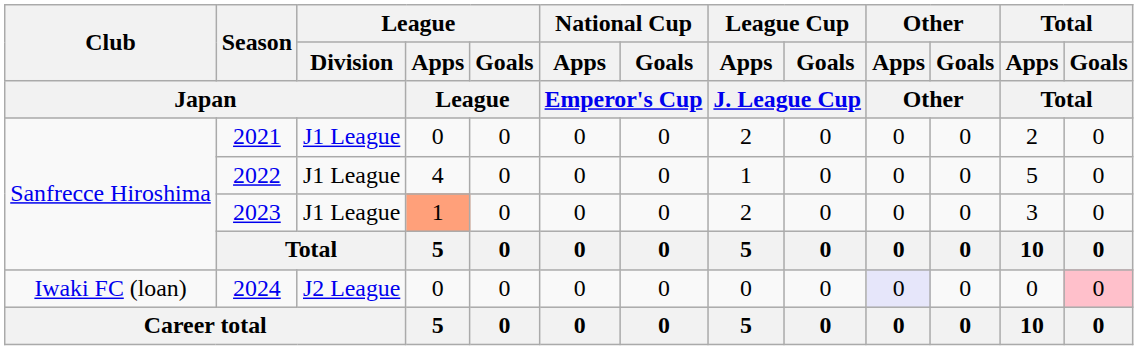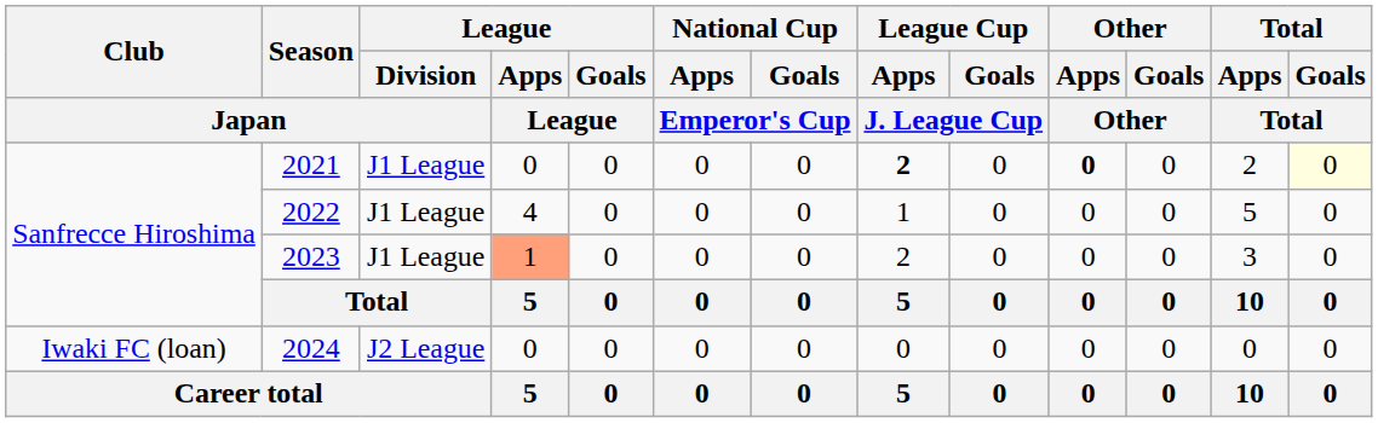 <table class="wikitable" style="text-align: center">
 <tr>
 <th rowspan="2">Club</th>
 <th rowspan="2">Season</th>
 <th colspan="3">League</th>
 <th colspan="2">National Cup</th>
 <th colspan="2">League Cup</th>
 <th colspan="2">Other</th>
 <th colspan="2">Total</th>
 </tr>
 <tr>
 <th>Division</th>
 <th>Apps</th>
 <th>Goals</th>
 <th>Apps</th>
 <th>Goals</th>
 <th>Apps</th>
 <th>Goals</th>
 <th>Apps</th>
 <th>Goals</th>
 <th>Apps</th>
 <th>Goals</th>
 </tr>
 <tr>
 <th colspan=3>Japan</th>
 <th colspan=2>League</th>
 <th colspan=2><a href='#'>Emperor's Cup</a></th>
 <th colspan=2><a href='#'>J. League Cup</a></th>
 <th colspan=2>Other</th>
 <th colspan=2>Total</th>
 </tr>
 <tr>
 <td rowspan="4"><a href='#'>Sanfrecce Hiroshima</a></td>
 <td><a href='#'>2021</a></td>
 <td><a href='#'>J1 League</a></td>
 <td>0</td>
 <td>0</td>
 <td>0</td>
 <td>0</td>
-<td>2</td>
+<td><strong>2</strong></td>
 <td>0</td>
-<td>0</td>
+<td><strong>0</strong></td>
 <td>0</td>
 <td>2</td>
-<td>0</td>
+<td style="background: lightyellow;">0</td>
 </tr>
 <tr>
 <td><a href='#'>2022</a></td>
 <td>J1 League</td>
 <td>4</td>
 <td>0</td>
 <td>0</td>
 <td>0</td>
 <td>1</td>
 <td>0</td>
 <td>0</td>
 <td>0</td>
 <td>5</td>
 <td>0</td>
 </tr>
 <tr>
 <td><a href='#'>2023</a></td>
 <td>J1 League</td>
 <td style="background: lightsalmon;">1</td>
 <td>0</td>
 <td>0</td>
 <td>0</td>
 <td>2</td>
 <td>0</td>
 <td>0</td>
 <td>0</td>
 <td>3</td>
 <td>0</td>
 </tr>
 <tr>
 <th colspan=2>Total</th>
 <th>5</th>
 <th>0</th>
 <th>0</th>
 <th>0</th>
 <th>5</th>
 <th>0</th>
 <th>0</th>
 <th>0</th>
 <th>10</th>
 <th>0</th>
 </tr>
 <tr>
 <td><a href='#'>Iwaki FC</a> (loan)</td>
 <td><a href='#'>2024</a></td>
 <td><a href='#'>J2 League</a></td>
 <td>0</td>
 <td>0</td>
 <td>0</td>
 <td>0</td>
 <td>0</td>
 <td>0</td>
-<td style="background: lavender;">0</td>
 <td>0</td>
 <td>0</td>
-<td style="background: pink;">0</td>
+<td>0</td>
+<td>0</td>
 </tr>
 <tr>
 <th colspan=3>Career total</th>
 <th>5</th>
 <th>0</th>
 <th>0</th>
 <th>0</th>
 <th>5</th>
 <th>0</th>
 <th>0</th>
 <th>0</th>
 <th>10</th>
 <th>0</th>
 </tr>
 </table>
